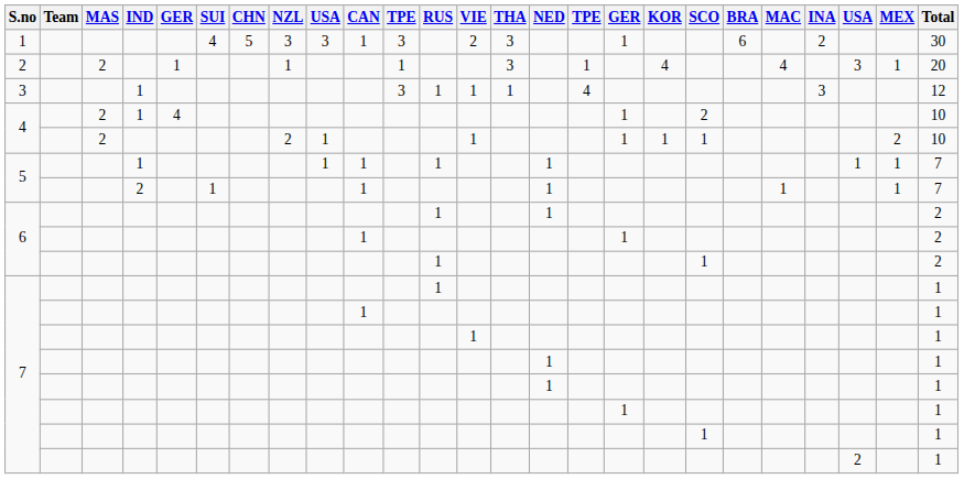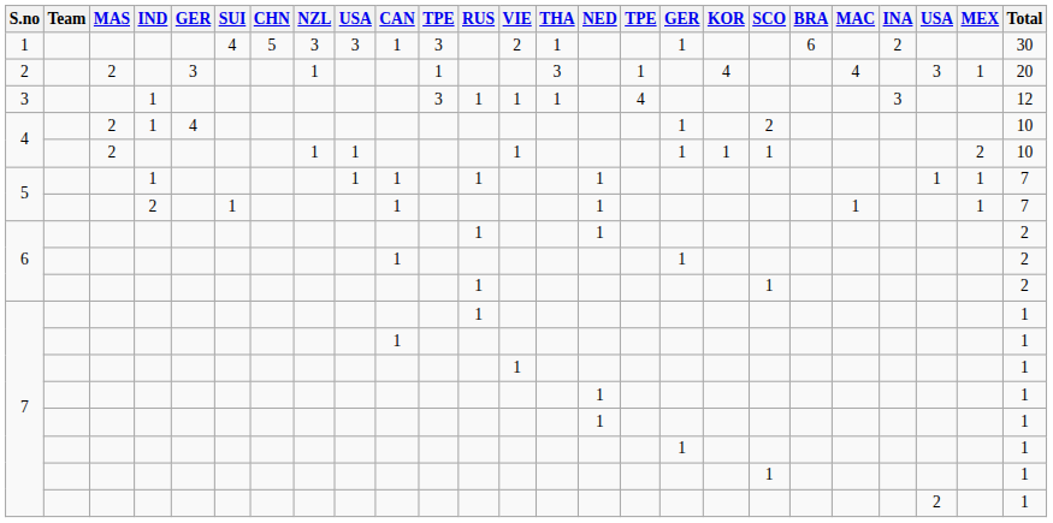 <table class=wikitable style="font-size:80%; text-align:center">
 <tr>
 <th>S.no</th>
 <th>Team</th>
 <th><a href='#'>MAS</a></th>
 <th><a href='#'>IND</a></th>
 <th><a href='#'>GER</a></th>
 <th><a href='#'>SUI</a></th>
 <th><a href='#'>CHN</a></th>
 <th><a href='#'>NZL</a></th>
 <th><a href='#'>USA</a></th>
 <th><a href='#'>CAN</a></th>
 <th><a href='#'>TPE</a></th>
 <th><a href='#'>RUS</a></th>
 <th><a href='#'>VIE</a></th>
 <th><a href='#'>THA</a></th>
 <th><a href='#'>NED</a></th>
 <th><a href='#'>TPE</a></th>
 <th><a href='#'>GER</a></th>
 <th><a href='#'>KOR</a></th>
 <th><a href='#'>SCO</a></th>
 <th><a href='#'>BRA</a></th>
 <th><a href='#'>MAC</a></th>
 <th><a href='#'>INA</a></th>
 <th><a href='#'>USA</a></th>
 <th><a href='#'>MEX</a></th>
 <th>Total</th>
 </tr>
 <tr>
 <td>1</td>
 <td align=left></td>
 <td></td>
 <td></td>
 <td></td>
 <td>4</td>
 <td>5</td>
 <td>3</td>
 <td>3</td>
 <td>1</td>
 <td>3</td>
 <td></td>
 <td>2</td>
-<td>3</td>
+<td>1</td>
 <td></td>
 <td></td>
 <td>1</td>
 <td></td>
 <td></td>
 <td>6</td>
 <td></td>
 <td>2</td>
 <td></td>
 <td></td>
 <td>30</td>
 </tr>
 <tr>
 <td>2</td>
 <td align=left></td>
 <td>2</td>
 <td></td>
-<td>1</td>
+<td>3</td>
 <td></td>
 <td></td>
 <td>1</td>
 <td></td>
 <td></td>
 <td>1</td>
 <td></td>
 <td></td>
 <td>3</td>
 <td></td>
 <td>1</td>
 <td></td>
 <td>4</td>
 <td></td>
 <td></td>
 <td>4</td>
 <td></td>
 <td>3</td>
 <td>1</td>
 <td>20</td>
 </tr>
 <tr>
 <td>3</td>
 <td align=left></td>
 <td></td>
 <td>1</td>
 <td></td>
 <td></td>
 <td></td>
 <td></td>
 <td></td>
 <td></td>
 <td>3</td>
 <td>1</td>
 <td>1</td>
 <td>1</td>
 <td></td>
 <td>4</td>
 <td></td>
 <td></td>
 <td></td>
 <td></td>
 <td></td>
 <td>3</td>
 <td></td>
 <td></td>
 <td>12</td>
 </tr>
 <tr>
 <td rowspan=2>4</td>
 <td align=left></td>
 <td>2</td>
 <td>1</td>
 <td>4</td>
 <td></td>
 <td></td>
 <td></td>
 <td></td>
 <td></td>
 <td></td>
 <td></td>
 <td></td>
 <td></td>
 <td></td>
 <td></td>
 <td>1</td>
 <td></td>
 <td>2</td>
 <td></td>
 <td></td>
 <td></td>
 <td></td>
 <td></td>
 <td>10</td>
 </tr>
 <tr>
 <td align=left></td>
 <td>2</td>
 <td></td>
 <td></td>
 <td></td>
 <td></td>
-<td>2</td>
+<td>1</td>
 <td>1</td>
 <td></td>
 <td></td>
 <td></td>
 <td>1</td>
 <td></td>
 <td></td>
 <td></td>
 <td>1</td>
 <td>1</td>
 <td>1</td>
 <td></td>
 <td></td>
 <td></td>
 <td></td>
 <td>2</td>
 <td>10</td>
 </tr>
 <tr>
 <td rowspan=2>5</td>
 <td align=left></td>
 <td></td>
 <td>1</td>
 <td></td>
 <td></td>
 <td></td>
 <td></td>
 <td>1</td>
 <td>1</td>
 <td></td>
 <td>1</td>
 <td></td>
 <td></td>
 <td>1</td>
 <td></td>
 <td></td>
 <td></td>
 <td></td>
 <td></td>
 <td></td>
 <td></td>
 <td>1</td>
 <td>1</td>
 <td>7</td>
 </tr>
 <tr>
 <td align=left></td>
 <td></td>
 <td>2</td>
 <td></td>
 <td>1</td>
 <td></td>
 <td></td>
 <td></td>
 <td>1</td>
 <td></td>
 <td></td>
 <td></td>
 <td></td>
 <td>1</td>
 <td></td>
 <td></td>
 <td></td>
 <td></td>
 <td></td>
 <td>1</td>
 <td></td>
 <td></td>
 <td>1</td>
 <td>7</td>
 </tr>
 <tr>
 <td rowspan=3>6</td>
 <td align=left></td>
 <td></td>
 <td></td>
 <td></td>
 <td></td>
 <td></td>
 <td></td>
 <td></td>
 <td></td>
 <td></td>
 <td>1</td>
 <td></td>
 <td></td>
 <td>1</td>
 <td></td>
 <td></td>
 <td></td>
 <td></td>
 <td></td>
 <td></td>
 <td></td>
 <td></td>
 <td></td>
 <td>2</td>
 </tr>
 <tr>
 <td align=left></td>
 <td></td>
 <td></td>
 <td></td>
 <td></td>
 <td></td>
 <td></td>
 <td></td>
 <td>1</td>
 <td></td>
 <td></td>
 <td></td>
 <td></td>
 <td></td>
 <td></td>
 <td>1</td>
 <td></td>
 <td></td>
 <td></td>
 <td></td>
 <td></td>
 <td></td>
 <td></td>
 <td>2</td>
 </tr>
 <tr>
 <td align=left></td>
 <td></td>
 <td></td>
 <td></td>
 <td></td>
 <td></td>
 <td></td>
 <td></td>
 <td></td>
 <td></td>
 <td>1</td>
 <td></td>
 <td></td>
 <td></td>
 <td></td>
 <td></td>
 <td></td>
 <td>1</td>
 <td></td>
 <td></td>
 <td></td>
 <td></td>
 <td></td>
 <td>2</td>
 </tr>
 <tr>
 <td rowspan=8>7</td>
 <td align=left></td>
 <td></td>
 <td></td>
 <td></td>
 <td></td>
 <td></td>
 <td></td>
 <td></td>
 <td></td>
 <td></td>
 <td>1</td>
 <td></td>
 <td></td>
 <td></td>
 <td></td>
 <td></td>
 <td></td>
 <td></td>
 <td></td>
 <td></td>
 <td></td>
 <td></td>
 <td></td>
 <td>1</td>
 </tr>
 <tr>
 <td align=left></td>
 <td></td>
 <td></td>
 <td></td>
 <td></td>
 <td></td>
 <td></td>
 <td></td>
 <td>1</td>
 <td></td>
 <td></td>
 <td></td>
 <td></td>
 <td></td>
 <td></td>
 <td></td>
 <td></td>
 <td></td>
 <td></td>
 <td></td>
 <td></td>
 <td></td>
 <td></td>
 <td>1</td>
 </tr>
 <tr>
 <td align=left></td>
 <td></td>
 <td></td>
 <td></td>
 <td></td>
 <td></td>
 <td></td>
 <td></td>
 <td></td>
 <td></td>
 <td></td>
 <td>1</td>
 <td></td>
 <td></td>
 <td></td>
 <td></td>
 <td></td>
 <td></td>
 <td></td>
 <td></td>
 <td></td>
 <td></td>
 <td></td>
 <td>1</td>
 </tr>
 <tr>
 <td align=left></td>
 <td></td>
 <td></td>
 <td></td>
 <td></td>
 <td></td>
 <td></td>
 <td></td>
 <td></td>
 <td></td>
 <td></td>
 <td></td>
 <td></td>
 <td>1</td>
 <td></td>
 <td></td>
 <td></td>
 <td></td>
 <td></td>
 <td></td>
 <td></td>
 <td></td>
 <td></td>
 <td>1</td>
 </tr>
 <tr>
 <td align=left></td>
 <td></td>
 <td></td>
 <td></td>
 <td></td>
 <td></td>
 <td></td>
 <td></td>
 <td></td>
 <td></td>
 <td></td>
 <td></td>
 <td></td>
 <td>1</td>
 <td></td>
 <td></td>
 <td></td>
 <td></td>
 <td></td>
 <td></td>
 <td></td>
 <td></td>
 <td></td>
 <td>1</td>
 </tr>
 <tr>
 <td align=left></td>
 <td></td>
 <td></td>
 <td></td>
 <td></td>
 <td></td>
 <td></td>
 <td></td>
 <td></td>
 <td></td>
 <td></td>
 <td></td>
 <td></td>
 <td></td>
 <td></td>
 <td>1</td>
 <td></td>
 <td></td>
 <td></td>
 <td></td>
 <td></td>
 <td></td>
 <td></td>
 <td>1</td>
 </tr>
 <tr>
 <td align=left></td>
 <td></td>
 <td></td>
 <td></td>
 <td></td>
 <td></td>
 <td></td>
 <td></td>
 <td></td>
 <td></td>
 <td></td>
 <td></td>
 <td></td>
 <td></td>
 <td></td>
 <td></td>
 <td></td>
 <td>1</td>
 <td></td>
 <td></td>
 <td></td>
 <td></td>
 <td></td>
 <td>1</td>
 </tr>
 <tr>
 <td align=left></td>
 <td></td>
 <td></td>
 <td></td>
 <td></td>
 <td></td>
 <td></td>
 <td></td>
 <td></td>
 <td></td>
 <td></td>
 <td></td>
 <td></td>
 <td></td>
 <td></td>
 <td></td>
 <td></td>
 <td></td>
 <td></td>
 <td></td>
 <td></td>
 <td>2</td>
 <td></td>
 <td>1</td>
 </tr>
 </table>
